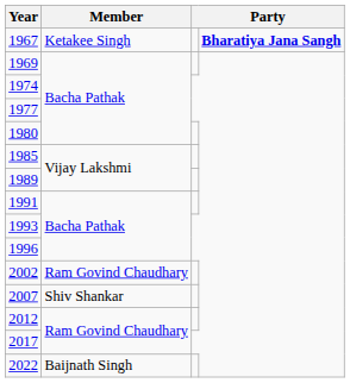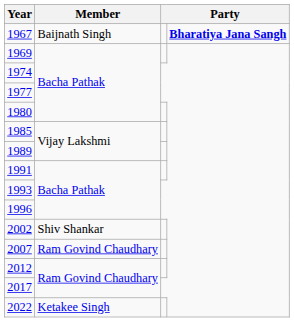 <table class="wikitable">
 <tr>
 <th>Year</th>
 <th>Member</th>
 <th colspan="2">Party</th>
 </tr>
 <tr>
 <td><a href='#'>1967</a></td>
-<td><a href='#'>Ketakee Singh</a></td>
+<td>Baijnath Singh</td>
 <td style="background-color: "></td>
 <td><strong><a href='#'>Bharatiya Jana Sangh</a></strong></td>
 </tr>
 <tr>
 <td><a href='#'>1969</a></td>
 <td rowspan="4"><a href='#'>Bacha Pathak</a></td>
 <td></td>
 </tr>
 <tr>
 <td><a href='#'>1974</a></td>
 </tr>
 <tr>
 <td><a href='#'>1977</a></td>
 </tr>
 <tr>
 <td><a href='#'>1980</a></td>
 <td></td>
 </tr>
 <tr>
 <td><a href='#'>1985</a></td>
 <td rowspan="2">Vijay Lakshmi</td>
 <td></td>
 </tr>
 <tr>
 <td><a href='#'>1989</a></td>
 <td></td>
 </tr>
 <tr>
 <td><a href='#'>1991</a></td>
 <td rowspan="3"><a href='#'>Bacha Pathak</a></td>
 <td></td>
 </tr>
 <tr>
 <td><a href='#'>1993</a></td>
 </tr>
 <tr>
 <td><a href='#'>1996</a></td>
 </tr>
 <tr>
 <td><a href='#'>2002</a></td>
-<td><a href='#'>Ram Govind Chaudhary</a></td>
+<td>Shiv Shankar</td>
 <td></td>
 </tr>
 <tr>
 <td><a href='#'>2007</a></td>
-<td>Shiv Shankar</td>
+<td><a href='#'>Ram Govind Chaudhary</a></td>
 <td></td>
 </tr>
 <tr>
 <td><a href='#'>2012</a></td>
 <td rowspan="2"><a href='#'>Ram Govind Chaudhary</a></td>
 <td></td>
 </tr>
 <tr>
 <td><a href='#'>2017</a></td>
 </tr>
 <tr>
 <td><a href='#'>2022</a></td>
-<td>Baijnath Singh</td>
+<td><a href='#'>Ketakee Singh</a></td>
 <td></td>
 </tr>
 </table>
